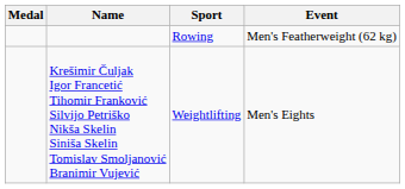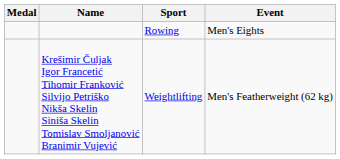 <table class="wikitable sortable">
 <tr>
 <th>Medal</th>
 <th>Name</th>
 <th>Sport</th>
 <th>Event</th>
 </tr>
 <tr>
 <td></td>
 <td></td>
 <td><a href='#'>Rowing</a></td>
-<td>Men's Featherweight (62 kg)</td>
+<td>Men's Eights</td>
 </tr>
 <tr>
 <td></td>
 <td> <br><a href='#'>Krešimir Čuljak</a> <br><a href='#'>Igor Francetić</a> <br><a href='#'>Tihomir Franković</a> <br><a href='#'>Silvijo Petriško</a> <br><a href='#'>Nikša Skelin</a> <br><a href='#'>Siniša Skelin</a> <br><a href='#'>Tomislav Smoljanović</a> <br><a href='#'>Branimir Vujević</a></td>
 <td><a href='#'>Weightlifting</a></td>
-<td>Men's Eights</td>
+<td>Men's Featherweight (62 kg)</td>
 </tr>
 </table>
